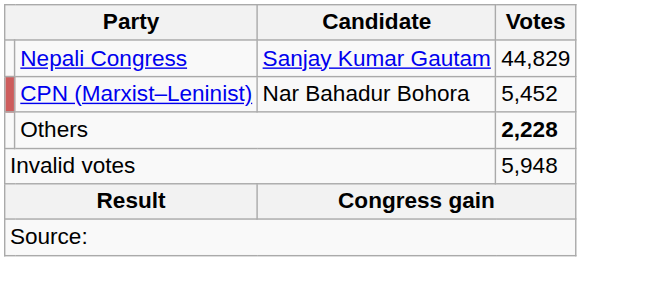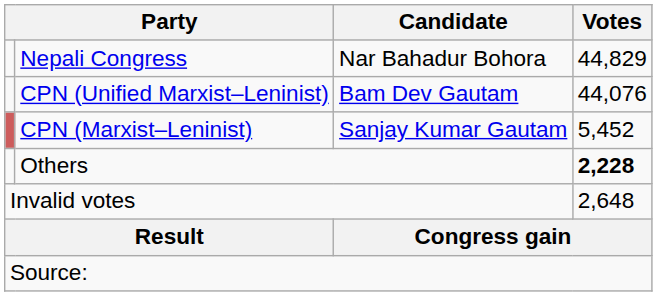 <table class="wikitable">
 <tr>
 <th colspan="2">Party</th>
 <th>Candidate</th>
 <th>Votes</th>
 </tr>
 <tr>
 <td style="background-color:"></td>
 <td><a href='#'>Nepali Congress</a></td>
-<td><a href='#'>Sanjay Kumar Gautam</a></td>
+<td>Nar Bahadur Bohora</td>
 <td>44,829</td>
+</tr>
+<tr>
+<td style="background-color:"></td>
+<td><a href='#'>CPN (Unified Marxist–Leninist)</a></td>
+<td><a href='#'>Bam Dev Gautam</a></td>
+<td>44,076</td>
 </tr>
 <tr>
 <td style="background-color:indianred"></td>
 <td><a href='#'>CPN (Marxist–Leninist)</a></td>
-<td>Nar Bahadur Bohora</td>
+<td><a href='#'>Sanjay Kumar Gautam</a></td>
 <td>5,452</td>
 </tr>
 <tr>
 <td></td>
 <td colspan="2">Others</td>
 <td><strong>2,228</strong></td>
 </tr>
 <tr>
 <td colspan="3">Invalid votes</td>
-<td>5,948</td>
+<td>2,648</td>
 </tr>
 <tr>
 <th colspan="2">Result</th>
 <th colspan="2">Congress gain</th>
 </tr>
 <tr>
 <td colspan="4">Source: </td>
 </tr>
 </table>
